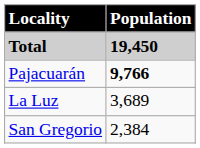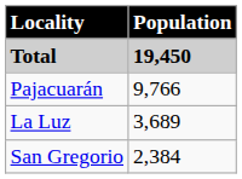 <table class="wikitable">
 <tr style="background:#000000; color:#FFFFFF;">
 <td><strong>Locality</strong></td>
 <td><strong>Population</strong></td>
 </tr>
 <tr style="background:#CFCFCF;">
 <td><strong>Total</strong></td>
 <td><strong>19,450</strong></td>
 </tr>
 <tr>
 <td><a href='#'>Pajacuarán</a></td>
-<td><strong>9,766</strong></td>
+<td>9,766</td>
 </tr>
 <tr>
 <td><a href='#'>La Luz</a></td>
 <td>3,689</td>
 </tr>
 <tr>
 <td><a href='#'>San Gregorio</a></td>
 <td>2,384</td>
 </tr>
 </table>
